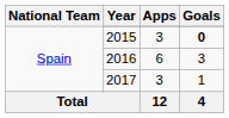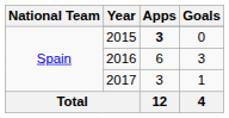 <table class="wikitable" style="text-align:center">
 <tr>
 <th>National Team</th>
 <th>Year</th>
 <th>Apps</th>
 <th>Goals</th>
 </tr>
 <tr>
 <td rowspan="4"><a href='#'>Spain</a></td>
 </tr>
 <tr>
 <td>2015</td>
-<td>3</td>
-<td><strong>0</strong></td>
+<td><strong>3</strong></td>
+<td>0</td>
 </tr>
 <tr>
 <td>2016</td>
 <td>6</td>
 <td>3</td>
 </tr>
 <tr>
 <td>2017</td>
 <td>3</td>
 <td>1</td>
 </tr>
 <tr>
 <th colspan=2>Total</th>
 <th>12</th>
 <th>4</th>
 </tr>
 </table>
